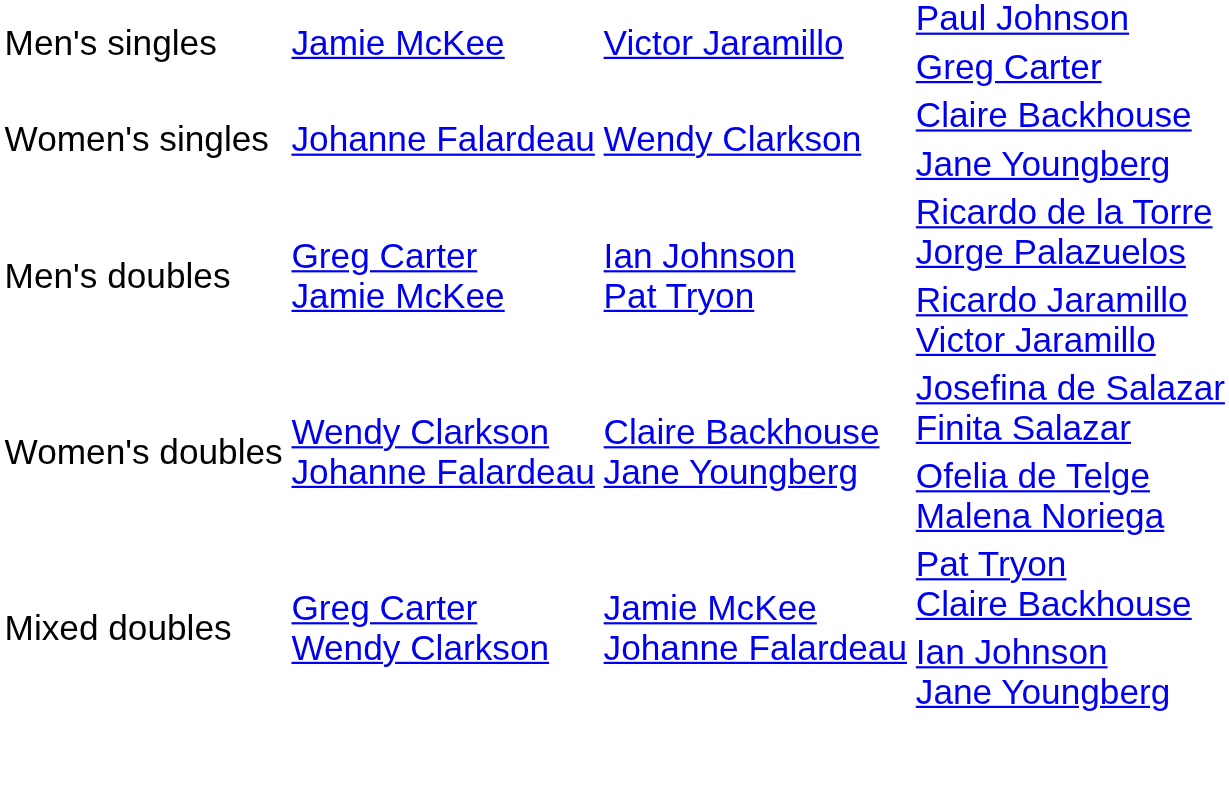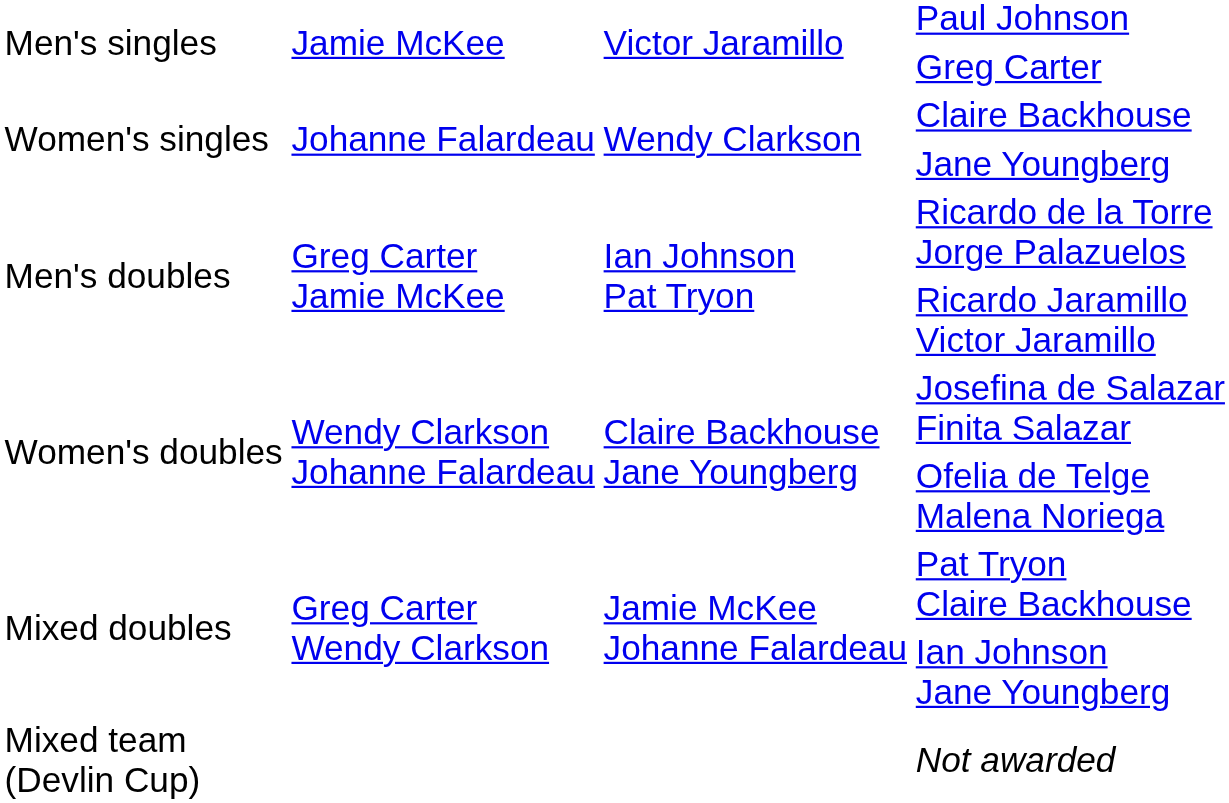 <table>
 <tr>
 <td rowspan="2">Men's singles</td>
 <td rowspan="2"> <a href='#'>Jamie McKee</a></td>
 <td rowspan="2"> <a href='#'>Victor Jaramillo</a></td>
 <td> <a href='#'>Paul Johnson</a></td>
 </tr>
 <tr>
 <td> <a href='#'>Greg Carter</a></td>
 </tr>
 <tr>
 <td rowspan="2">Women's singles</td>
 <td rowspan="2"> <a href='#'>Johanne Falardeau</a></td>
 <td rowspan="2"> <a href='#'>Wendy Clarkson</a></td>
 <td> <a href='#'>Claire Backhouse</a></td>
 </tr>
 <tr>
 <td> <a href='#'>Jane Youngberg</a></td>
 </tr>
 <tr>
 <td rowspan="2">Men's doubles</td>
 <td rowspan="2"> <a href='#'>Greg Carter</a> <br> <a href='#'>Jamie McKee</a></td>
 <td rowspan="2"> <a href='#'>Ian Johnson</a> <br> <a href='#'>Pat Tryon</a></td>
 <td> <a href='#'>Ricardo de la Torre</a><br> <a href='#'>Jorge Palazuelos</a></td>
 </tr>
 <tr>
 <td> <a href='#'>Ricardo Jaramillo</a> <br> <a href='#'>Victor Jaramillo</a></td>
 </tr>
 <tr>
 <td rowspan="2">Women's doubles</td>
 <td rowspan="2"> <a href='#'>Wendy Clarkson</a> <br> <a href='#'>Johanne Falardeau</a></td>
 <td rowspan="2"> <a href='#'>Claire Backhouse</a> <br> <a href='#'>Jane Youngberg</a></td>
 <td> <a href='#'>Josefina de Salazar</a><br> <a href='#'>Finita Salazar</a></td>
 </tr>
 <tr>
 <td> <a href='#'>Ofelia de Telge</a><br> <a href='#'>Malena Noriega</a></td>
 </tr>
 <tr>
 <td rowspan="2">Mixed doubles</td>
 <td rowspan="2"> <a href='#'>Greg Carter</a> <br> <a href='#'>Wendy Clarkson</a></td>
 <td rowspan="2"> <a href='#'>Jamie McKee</a> <br> <a href='#'>Johanne Falardeau</a></td>
 <td> <a href='#'>Pat Tryon</a><br> <a href='#'>Claire Backhouse</a></td>
 </tr>
 <tr>
 <td> <a href='#'>Ian Johnson</a><br> <a href='#'>Jane Youngberg</a></td>
 </tr>
+<tr>
+<td>Mixed team<br>(Devlin Cup)</td>
+<td></td>
+<td></td>
+<td><em>Not awarded</em></td>
+</tr>
 </table>
